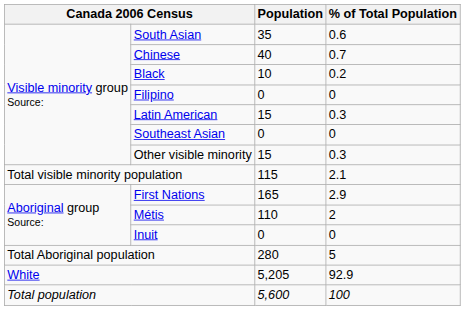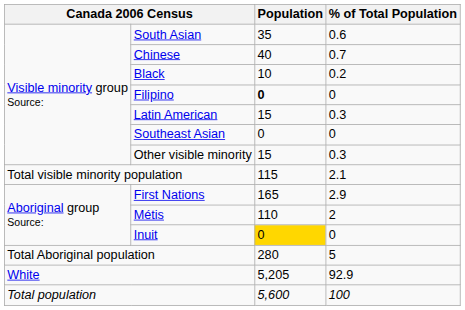 <table class="wikitable">
 <tr>
 <th colspan="2">Canada 2006 Census</th>
 <th>Population</th>
 <th>% of Total Population</th>
 </tr>
 <tr>
 <td rowspan="7"><a href='#'>Visible minority</a> group<br><small>Source:</small></td>
 <td><a href='#'>South Asian</a></td>
 <td>35</td>
 <td>0.6</td>
 </tr>
 <tr>
 <td><a href='#'>Chinese</a></td>
 <td>40</td>
 <td>0.7</td>
 </tr>
 <tr>
 <td><a href='#'>Black</a></td>
 <td>10</td>
 <td>0.2</td>
 </tr>
 <tr>
 <td><a href='#'>Filipino</a></td>
-<td>0</td>
+<td><strong>0</strong></td>
 <td>0</td>
 </tr>
 <tr>
 <td><a href='#'>Latin American</a></td>
 <td>15</td>
 <td>0.3</td>
 </tr>
 <tr>
 <td><a href='#'>Southeast Asian</a></td>
 <td>0</td>
 <td>0</td>
 </tr>
 <tr>
 <td>Other visible minority</td>
 <td>15</td>
 <td>0.3</td>
 </tr>
 <tr>
 <td colspan="2">Total visible minority population</td>
 <td>115</td>
 <td>2.1</td>
 </tr>
 <tr>
 <td rowspan="3"><a href='#'>Aboriginal</a> group<br><small>Source:</small></td>
 <td><a href='#'>First Nations</a></td>
 <td>165</td>
 <td>2.9</td>
 </tr>
 <tr>
 <td><a href='#'>Métis</a></td>
 <td>110</td>
 <td>2</td>
 </tr>
 <tr>
 <td><a href='#'>Inuit</a></td>
-<td>0</td>
+<td style="background: gold;">0</td>
 <td>0</td>
 </tr>
 <tr>
 <td colspan="2">Total Aboriginal population</td>
 <td>280</td>
 <td>5</td>
 </tr>
 <tr>
 <td colspan="2"><a href='#'>White</a></td>
 <td>5,205</td>
 <td>92.9</td>
 </tr>
 <tr>
 <td colspan="2"><em>Total population</em></td>
 <td><em>5,600</em></td>
 <td><em>100</em></td>
 </tr>
 </table>
